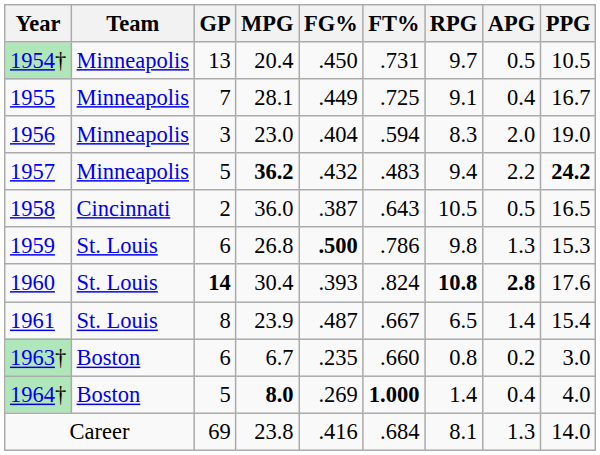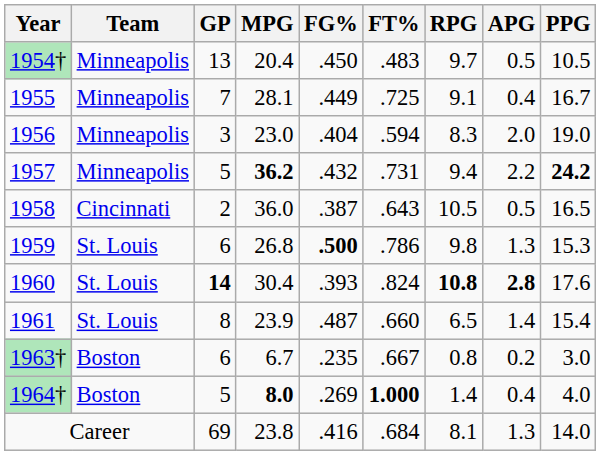 <table class="wikitable sortable" style="font-size:95%; text-align:right;">
 <tr>
 <th>Year</th>
 <th>Team</th>
 <th>GP</th>
 <th>MPG</th>
 <th>FG%</th>
 <th>FT%</th>
 <th>RPG</th>
 <th>APG</th>
 <th>PPG</th>
 </tr>
 <tr>
 <td style="text-align:left;background:#afe6ba;"><a href='#'>1954</a>†</td>
 <td style="text-align:left;"><a href='#'>Minneapolis</a></td>
 <td>13</td>
 <td>20.4</td>
 <td>.450</td>
-<td>.731</td>
+<td>.483</td>
 <td>9.7</td>
 <td>0.5</td>
 <td>10.5</td>
 </tr>
 <tr>
 <td style="text-align:left;"><a href='#'>1955</a></td>
 <td style="text-align:left;"><a href='#'>Minneapolis</a></td>
 <td>7</td>
 <td>28.1</td>
 <td>.449</td>
 <td>.725</td>
 <td>9.1</td>
 <td>0.4</td>
 <td>16.7</td>
 </tr>
 <tr>
 <td style="text-align:left;"><a href='#'>1956</a></td>
 <td style="text-align:left;"><a href='#'>Minneapolis</a></td>
 <td>3</td>
 <td>23.0</td>
 <td>.404</td>
 <td>.594</td>
 <td>8.3</td>
 <td>2.0</td>
 <td>19.0</td>
 </tr>
 <tr>
 <td style="text-align:left;"><a href='#'>1957</a></td>
 <td style="text-align:left;"><a href='#'>Minneapolis</a></td>
 <td>5</td>
 <td><strong>36.2</strong></td>
 <td>.432</td>
-<td>.483</td>
+<td>.731</td>
 <td>9.4</td>
 <td>2.2</td>
 <td><strong>24.2</strong></td>
 </tr>
 <tr>
 <td style="text-align:left;"><a href='#'>1958</a></td>
 <td style="text-align:left;"><a href='#'>Cincinnati</a></td>
 <td>2</td>
 <td>36.0</td>
 <td>.387</td>
 <td>.643</td>
 <td>10.5</td>
 <td>0.5</td>
 <td>16.5</td>
 </tr>
 <tr>
 <td style="text-align:left;"><a href='#'>1959</a></td>
 <td style="text-align:left;"><a href='#'>St. Louis</a></td>
 <td>6</td>
 <td>26.8</td>
 <td><strong>.500</strong></td>
 <td>.786</td>
 <td>9.8</td>
 <td>1.3</td>
 <td>15.3</td>
 </tr>
 <tr>
 <td style="text-align:left;"><a href='#'>1960</a></td>
 <td style="text-align:left;"><a href='#'>St. Louis</a></td>
 <td><strong>14</strong></td>
 <td>30.4</td>
 <td>.393</td>
 <td>.824</td>
 <td><strong>10.8</strong></td>
 <td><strong>2.8</strong></td>
 <td>17.6</td>
 </tr>
 <tr>
 <td style="text-align:left;"><a href='#'>1961</a></td>
 <td style="text-align:left;"><a href='#'>St. Louis</a></td>
 <td>8</td>
 <td>23.9</td>
 <td>.487</td>
-<td>.667</td>
+<td>.660</td>
 <td>6.5</td>
 <td>1.4</td>
 <td>15.4</td>
 </tr>
 <tr>
 <td style="text-align:left;background:#afe6ba;"><a href='#'>1963</a>†</td>
 <td style="text-align:left;"><a href='#'>Boston</a></td>
 <td>6</td>
 <td>6.7</td>
 <td>.235</td>
-<td>.660</td>
+<td>.667</td>
 <td>0.8</td>
 <td>0.2</td>
 <td>3.0</td>
 </tr>
 <tr>
 <td style="text-align:left;background:#afe6ba;"><a href='#'>1964</a>†</td>
 <td style="text-align:left;"><a href='#'>Boston</a></td>
 <td>5</td>
 <td><strong>8.0</strong></td>
 <td>.269</td>
 <td><strong>1.000</strong></td>
 <td>1.4</td>
 <td>0.4</td>
 <td>4.0</td>
 </tr>
 <tr class="sortbottom">
 <td colspan="2" style="text-align:center;">Career</td>
 <td>69</td>
 <td>23.8</td>
 <td>.416</td>
 <td>.684</td>
 <td>8.1</td>
 <td>1.3</td>
 <td>14.0</td>
 </tr>
 </table>
